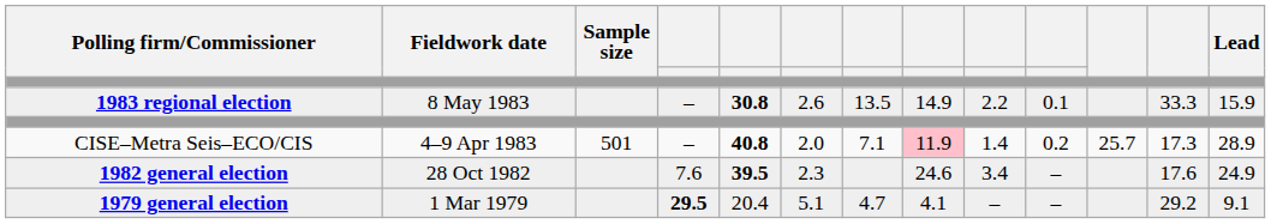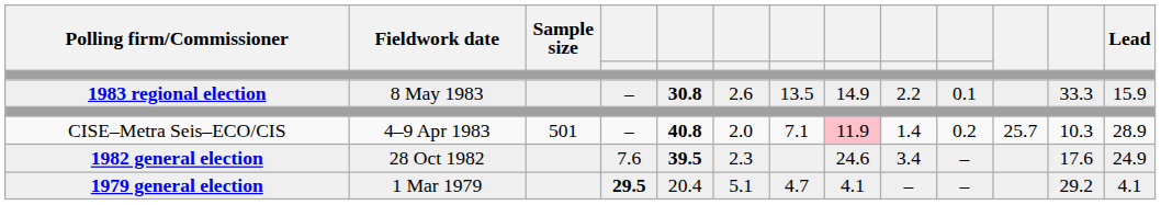 <table class="wikitable collapsible collapsed" style="text-align:center; font-size:90%; line-height:14px;">
 <tr style="height:42px;">
 <th style="width:250px;" rowspan="2">Polling firm/Commissioner</th>
 <th style="width:125px;" rowspan="2">Fieldwork date</th>
 <th style="width:50px;" rowspan="2">Sample size</th>
 <th style="width:35px;"></th>
 <th style="width:35px;"></th>
 <th style="width:35px;"></th>
 <th style="width:35px;"></th>
 <th style="width:35px;"></th>
 <th style="width:35px;"></th>
 <th style="width:35px;"></th>
 <th style="width:35px;" rowspan="2"></th>
 <th style="width:35px;" rowspan="2"></th>
 <th style="width:30px;" rowspan="2">Lead</th>
 </tr>
 <tr>
 <th style="color:inherit;background:"></th>
 <th style="color:inherit;background:"></th>
 <th style="color:inherit;background:"></th>
 <th style="color:inherit;background:"></th>
 <th style="color:inherit;background:"></th>
 <th style="color:inherit;background:"></th>
 <th style="color:inherit;background:"></th>
 </tr>
 <tr>
 <td colspan="13" style="background:#A0A0A0"></td>
 </tr>
 <tr style="background:#EFEFEF;">
 <td><strong><a href='#'>1983 regional election</a></strong></td>
 <td>8 May 1983</td>
 <td></td>
 <td>–</td>
 <td><strong>30.8</strong></td>
 <td>2.6</td>
 <td>13.5</td>
 <td>14.9</td>
 <td>2.2</td>
 <td>0.1</td>
 <td></td>
 <td>33.3</td>
 <td style="background:">15.9</td>
 </tr>
 <tr>
 <td colspan="13" style="background:#A0A0A0"></td>
 </tr>
 <tr>
 <td>CISE–Metra Seis–ECO/CIS</td>
 <td>4–9 Apr 1983</td>
 <td>501</td>
 <td>–</td>
 <td><strong>40.8</strong></td>
 <td>2.0</td>
 <td>7.1</td>
 <td style="background: pink;">11.9</td>
 <td>1.4</td>
 <td>0.2</td>
 <td>25.7</td>
-<td>17.3</td>
+<td>10.3</td>
 <td style="background:">28.9</td>
 </tr>
 <tr style="background:#EFEFEF;">
 <td><strong><a href='#'>1982 general election</a></strong></td>
 <td>28 Oct 1982</td>
 <td></td>
 <td>7.6</td>
 <td><strong>39.5</strong></td>
 <td>2.3</td>
 <td></td>
 <td>24.6</td>
 <td>3.4</td>
 <td>–</td>
 <td></td>
 <td>17.6</td>
 <td style="background:">24.9</td>
 </tr>
 <tr style="background:#EFEFEF;">
 <td><strong><a href='#'>1979 general election</a></strong></td>
 <td>1 Mar 1979</td>
 <td></td>
 <td><strong>29.5</strong></td>
 <td>20.4</td>
 <td>5.1</td>
 <td>4.7</td>
 <td>4.1</td>
 <td>–</td>
 <td>–</td>
 <td></td>
 <td>29.2</td>
-<td style="background:">9.1</td>
+<td style="background:">4.1</td>
 </tr>
 </table>
